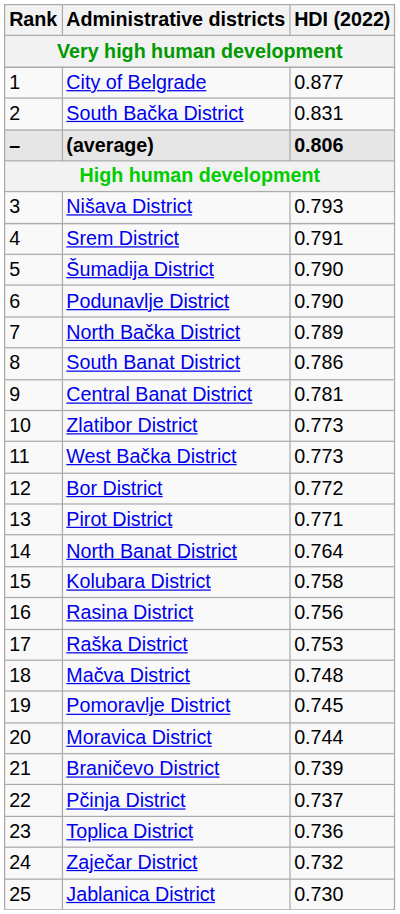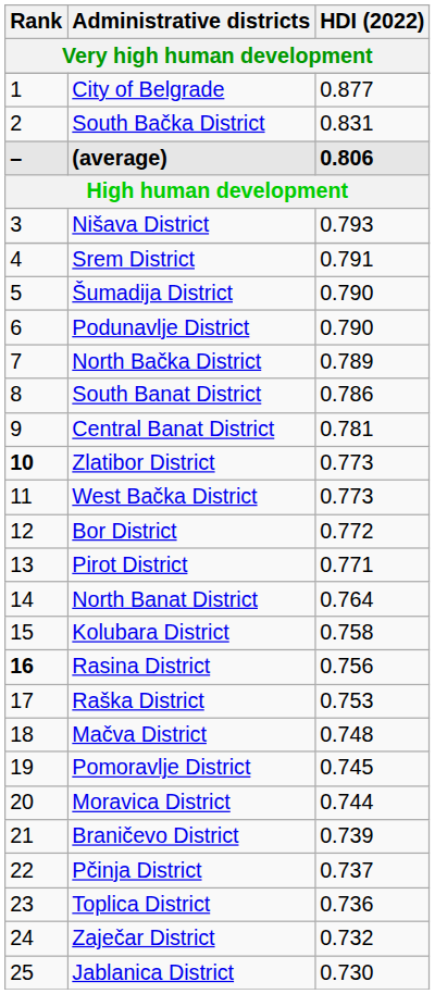 <table class="wikitable sortable">
 <tr>
 <th>Rank</th>
 <th>Administrative districts</th>
 <th>HDI (2022)</th>
 </tr>
 <tr>
 <th colspan="3" style="color:#090;">Very high human development</th>
 </tr>
 <tr>
 </tr>
 <tr>
 <td>1</td>
 <td><a href='#'>City of Belgrade</a></td>
 <td>0.877</td>
 </tr>
 <tr>
 <td>2</td>
 <td><a href='#'>South Bačka District</a></td>
 <td>0.831</td>
 </tr>
 <tr style="background:#e6e6e6">
 <td><strong>–</strong></td>
 <td><strong> (average)</strong></td>
 <td><strong>0.806</strong></td>
 </tr>
 <tr>
 <th colspan="3" style="color:#0c0;">High human development</th>
 </tr>
 <tr>
 <td>3</td>
 <td><a href='#'>Nišava District</a></td>
 <td>0.793</td>
 </tr>
 <tr>
 </tr>
 <tr>
 <td>4</td>
 <td><a href='#'>Srem District</a></td>
 <td>0.791</td>
 </tr>
 <tr>
 <td>5</td>
 <td><a href='#'>Šumadija District</a></td>
 <td>0.790</td>
 </tr>
 <tr>
 <td>6</td>
 <td><a href='#'>Podunavlje District</a></td>
 <td>0.790</td>
 </tr>
 <tr>
 <td>7</td>
 <td><a href='#'>North Bačka District</a></td>
 <td>0.789</td>
 </tr>
 <tr>
 <td>8</td>
 <td><a href='#'>South Banat District</a></td>
 <td>0.786</td>
 </tr>
 <tr>
 <td>9</td>
 <td><a href='#'>Central Banat District</a></td>
 <td>0.781</td>
 </tr>
 <tr>
-<td>10</td>
+<td><strong>10</strong></td>
 <td><a href='#'>Zlatibor District</a></td>
 <td>0.773</td>
 </tr>
 <tr>
 <td>11</td>
 <td><a href='#'>West Bačka District</a></td>
 <td>0.773</td>
 </tr>
 <tr>
 <td>12</td>
 <td><a href='#'>Bor District</a></td>
 <td>0.772</td>
 </tr>
 <tr>
 <td>13</td>
 <td><a href='#'>Pirot District</a></td>
 <td>0.771</td>
 </tr>
 <tr>
 <td>14</td>
 <td><a href='#'>North Banat District</a></td>
 <td>0.764</td>
 </tr>
 <tr>
 <td>15</td>
 <td><a href='#'>Kolubara District</a></td>
 <td>0.758</td>
 </tr>
 <tr>
-<td>16</td>
+<td><strong>16</strong></td>
 <td><a href='#'>Rasina District</a></td>
 <td>0.756</td>
 </tr>
 <tr>
 <td>17</td>
 <td><a href='#'>Raška District</a></td>
 <td>0.753</td>
 </tr>
 <tr>
 <td>18</td>
 <td><a href='#'>Mačva District</a></td>
 <td>0.748</td>
 </tr>
 <tr>
 <td>19</td>
 <td><a href='#'>Pomoravlje District</a></td>
 <td>0.745</td>
 </tr>
 <tr>
 <td>20</td>
 <td><a href='#'>Moravica District</a></td>
 <td>0.744</td>
 </tr>
 <tr>
 <td>21</td>
 <td><a href='#'>Braničevo District</a></td>
 <td>0.739</td>
 </tr>
 <tr>
 <td>22</td>
 <td><a href='#'>Pčinja District</a></td>
 <td>0.737</td>
 </tr>
 <tr>
 <td>23</td>
 <td><a href='#'>Toplica District</a></td>
 <td>0.736</td>
 </tr>
 <tr>
 <td>24</td>
 <td><a href='#'>Zaječar District</a></td>
 <td>0.732</td>
 </tr>
 <tr>
 <td>25</td>
 <td><a href='#'>Jablanica District</a></td>
 <td>0.730</td>
 </tr>
 </table>
